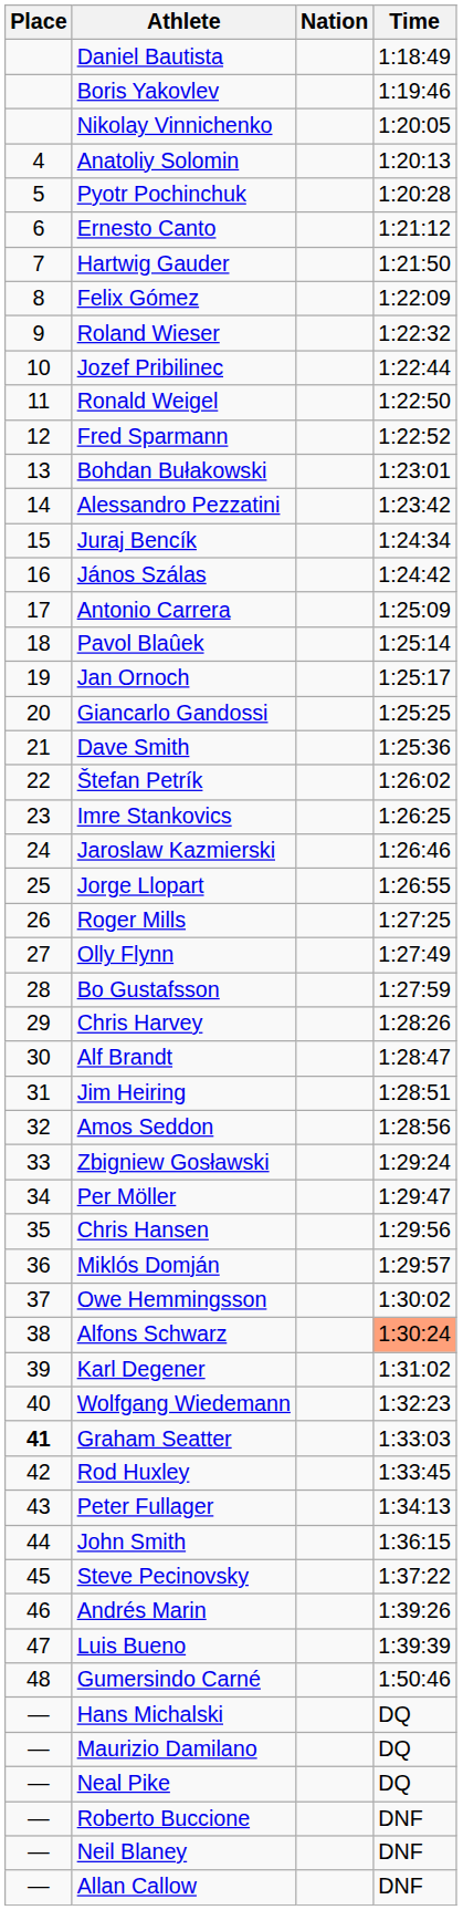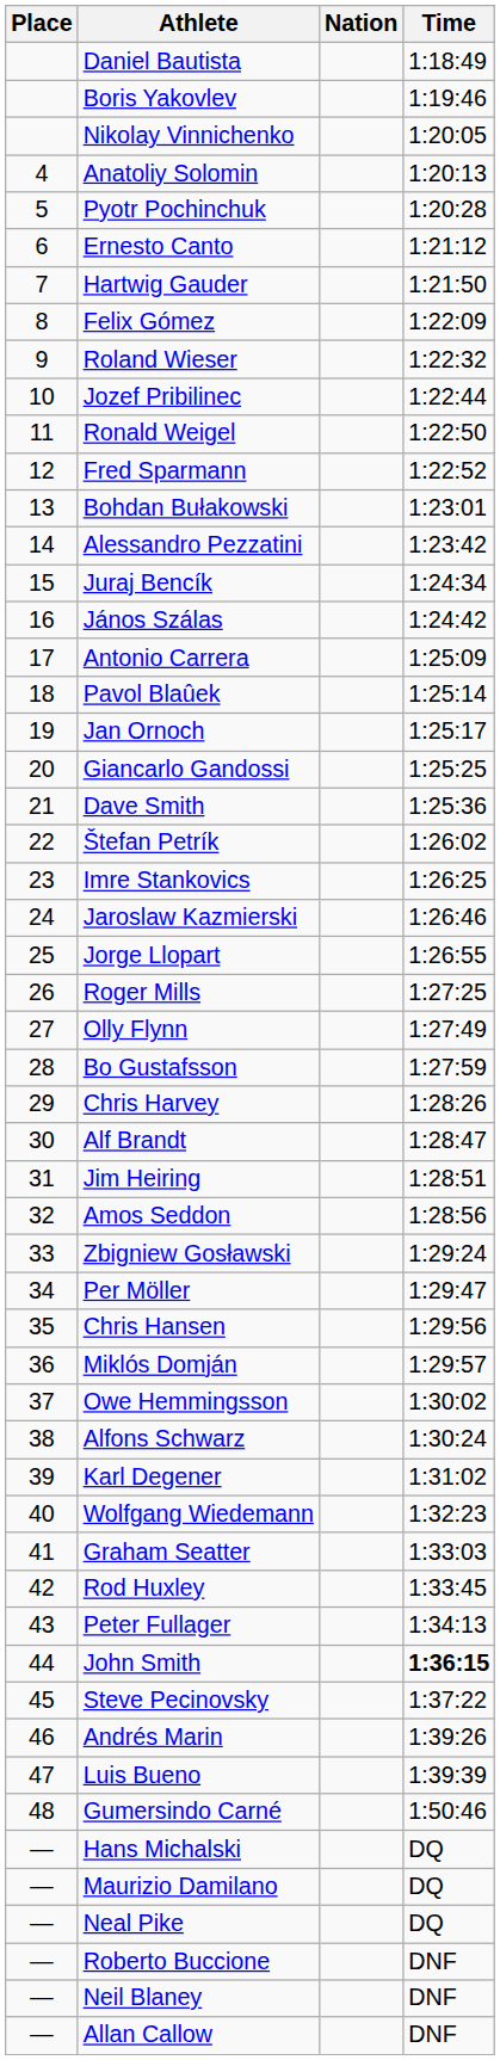 <table class=wikitable>
 <tr>
 <th>Place</th>
 <th>Athlete</th>
 <th>Nation</th>
 <th>Time</th>
 </tr>
 <tr>
 <td align=center></td>
 <td><a href='#'>Daniel Bautista</a></td>
 <td></td>
 <td>1:18:49</td>
 </tr>
 <tr>
 <td align=center></td>
 <td><a href='#'>Boris Yakovlev</a></td>
 <td></td>
 <td>1:19:46</td>
 </tr>
 <tr>
 <td align=center></td>
 <td><a href='#'>Nikolay Vinnichenko</a></td>
 <td></td>
 <td>1:20:05</td>
 </tr>
 <tr>
 <td align=center>4</td>
 <td><a href='#'>Anatoliy Solomin</a></td>
 <td></td>
 <td>1:20:13</td>
 </tr>
 <tr>
 <td align=center>5</td>
 <td><a href='#'>Pyotr Pochinchuk</a></td>
 <td></td>
 <td>1:20:28</td>
 </tr>
 <tr>
 <td align=center>6</td>
 <td><a href='#'>Ernesto Canto</a></td>
 <td></td>
 <td>1:21:12</td>
 </tr>
 <tr>
 <td align=center>7</td>
 <td><a href='#'>Hartwig Gauder</a></td>
 <td></td>
 <td>1:21:50</td>
 </tr>
 <tr>
 <td align=center>8</td>
 <td><a href='#'>Felix Gómez</a></td>
 <td></td>
 <td>1:22:09</td>
 </tr>
 <tr>
 <td align=center>9</td>
 <td><a href='#'>Roland Wieser</a></td>
 <td></td>
 <td>1:22:32</td>
 </tr>
 <tr>
 <td align=center>10</td>
 <td><a href='#'>Jozef Pribilinec</a></td>
 <td></td>
 <td>1:22:44</td>
 </tr>
 <tr>
 <td align=center>11</td>
 <td><a href='#'>Ronald Weigel</a></td>
 <td></td>
 <td>1:22:50</td>
 </tr>
 <tr>
 <td align=center>12</td>
 <td><a href='#'>Fred Sparmann</a></td>
 <td></td>
 <td>1:22:52</td>
 </tr>
 <tr>
 <td align=center>13</td>
 <td><a href='#'>Bohdan Bułakowski</a></td>
 <td></td>
 <td>1:23:01</td>
 </tr>
 <tr>
 <td align=center>14</td>
 <td><a href='#'>Alessandro Pezzatini</a></td>
 <td></td>
 <td>1:23:42</td>
 </tr>
 <tr>
 <td align=center>15</td>
 <td><a href='#'>Juraj Bencík</a></td>
 <td></td>
 <td>1:24:34</td>
 </tr>
 <tr>
 <td align=center>16</td>
 <td><a href='#'>János Szálas</a></td>
 <td></td>
 <td>1:24:42</td>
 </tr>
 <tr>
 <td align=center>17</td>
 <td><a href='#'>Antonio Carrera</a></td>
 <td></td>
 <td>1:25:09</td>
 </tr>
 <tr>
 <td align=center>18</td>
 <td><a href='#'>Pavol Blaûek</a></td>
 <td></td>
 <td>1:25:14</td>
 </tr>
 <tr>
 <td align=center>19</td>
 <td><a href='#'>Jan Ornoch</a></td>
 <td></td>
 <td>1:25:17</td>
 </tr>
 <tr>
 <td align=center>20</td>
 <td><a href='#'>Giancarlo Gandossi</a></td>
 <td></td>
 <td>1:25:25</td>
 </tr>
 <tr>
 <td align=center>21</td>
 <td><a href='#'>Dave Smith</a></td>
 <td></td>
 <td>1:25:36</td>
 </tr>
 <tr>
 <td align=center>22</td>
 <td><a href='#'>Štefan Petrík</a></td>
 <td></td>
 <td>1:26:02</td>
 </tr>
 <tr>
 <td align=center>23</td>
 <td><a href='#'>Imre Stankovics</a></td>
 <td></td>
 <td>1:26:25</td>
 </tr>
 <tr>
 <td align=center>24</td>
 <td><a href='#'>Jaroslaw Kazmierski</a></td>
 <td></td>
 <td>1:26:46</td>
 </tr>
 <tr>
 <td align=center>25</td>
 <td><a href='#'>Jorge Llopart</a></td>
 <td></td>
 <td>1:26:55</td>
 </tr>
 <tr>
 <td align=center>26</td>
 <td><a href='#'>Roger Mills</a></td>
 <td></td>
 <td>1:27:25</td>
 </tr>
 <tr>
 <td align=center>27</td>
 <td><a href='#'>Olly Flynn</a></td>
 <td></td>
 <td>1:27:49</td>
 </tr>
 <tr>
 <td align=center>28</td>
 <td><a href='#'>Bo Gustafsson</a></td>
 <td></td>
 <td>1:27:59</td>
 </tr>
 <tr>
 <td align=center>29</td>
 <td><a href='#'>Chris Harvey</a></td>
 <td></td>
 <td>1:28:26</td>
 </tr>
 <tr>
 <td align=center>30</td>
 <td><a href='#'>Alf Brandt</a></td>
 <td></td>
 <td>1:28:47</td>
 </tr>
 <tr>
 <td align=center>31</td>
 <td><a href='#'>Jim Heiring</a></td>
 <td></td>
 <td>1:28:51</td>
 </tr>
 <tr>
 <td align=center>32</td>
 <td><a href='#'>Amos Seddon</a></td>
 <td></td>
 <td>1:28:56</td>
 </tr>
 <tr>
 <td align=center>33</td>
 <td><a href='#'>Zbigniew Gosławski</a></td>
 <td></td>
 <td>1:29:24</td>
 </tr>
 <tr>
 <td align=center>34</td>
 <td><a href='#'>Per Möller</a></td>
 <td></td>
 <td>1:29:47</td>
 </tr>
 <tr>
 <td align=center>35</td>
 <td><a href='#'>Chris Hansen</a></td>
 <td></td>
 <td>1:29:56</td>
 </tr>
 <tr>
 <td align=center>36</td>
 <td><a href='#'>Miklós Domján</a></td>
 <td></td>
 <td>1:29:57</td>
 </tr>
 <tr>
 <td align=center>37</td>
 <td><a href='#'>Owe Hemmingsson</a></td>
 <td></td>
 <td>1:30:02</td>
 </tr>
 <tr>
 <td align=center>38</td>
 <td><a href='#'>Alfons Schwarz</a></td>
 <td></td>
-<td style="background: lightsalmon;">1:30:24</td>
+<td>1:30:24</td>
 </tr>
 <tr>
 <td align=center>39</td>
 <td><a href='#'>Karl Degener</a></td>
 <td></td>
 <td>1:31:02</td>
 </tr>
 <tr>
 <td align=center>40</td>
 <td><a href='#'>Wolfgang Wiedemann</a></td>
 <td></td>
 <td>1:32:23</td>
 </tr>
 <tr>
-<td align=center><strong>41</strong></td>
+<td align=center>41</td>
 <td><a href='#'>Graham Seatter</a></td>
 <td></td>
 <td>1:33:03</td>
 </tr>
 <tr>
 <td align=center>42</td>
 <td><a href='#'>Rod Huxley</a></td>
 <td></td>
 <td>1:33:45</td>
 </tr>
 <tr>
 <td align=center>43</td>
 <td><a href='#'>Peter Fullager</a></td>
 <td></td>
 <td>1:34:13</td>
 </tr>
 <tr>
 <td align=center>44</td>
 <td><a href='#'>John Smith</a></td>
 <td></td>
-<td>1:36:15</td>
+<td><strong>1:36:15</strong></td>
 </tr>
 <tr>
 <td align=center>45</td>
 <td><a href='#'>Steve Pecinovsky</a></td>
 <td></td>
 <td>1:37:22</td>
 </tr>
 <tr>
 <td align=center>46</td>
 <td><a href='#'>Andrés Marin</a></td>
 <td></td>
 <td>1:39:26</td>
 </tr>
 <tr>
 <td align=center>47</td>
 <td><a href='#'>Luis Bueno</a></td>
 <td></td>
 <td>1:39:39</td>
 </tr>
 <tr>
 <td align=center>48</td>
 <td><a href='#'>Gumersindo Carné</a></td>
 <td></td>
 <td>1:50:46</td>
 </tr>
 <tr>
 <td align=center>—</td>
 <td><a href='#'>Hans Michalski</a></td>
 <td></td>
 <td>DQ</td>
 </tr>
 <tr>
 <td align=center>—</td>
 <td><a href='#'>Maurizio Damilano</a></td>
 <td></td>
 <td>DQ</td>
 </tr>
 <tr>
 <td align=center>—</td>
 <td><a href='#'>Neal Pike</a></td>
 <td></td>
 <td>DQ</td>
 </tr>
 <tr>
 <td align=center>—</td>
 <td><a href='#'>Roberto Buccione</a></td>
 <td></td>
 <td>DNF</td>
 </tr>
 <tr>
 <td align=center>—</td>
 <td><a href='#'>Neil Blaney</a></td>
 <td></td>
 <td>DNF</td>
 </tr>
 <tr>
 <td align=center>—</td>
 <td><a href='#'>Allan Callow</a></td>
 <td></td>
 <td>DNF</td>
 </tr>
 </table>
